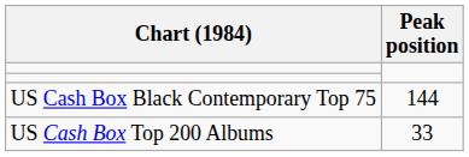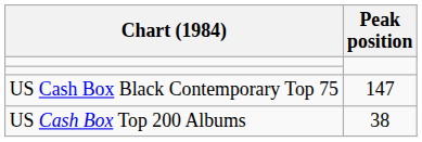 <table class="wikitable sortable plainrowheaders">
 <tr>
 <th align="center">Chart (1984)</th>
 <th align="center">Peak<br>position</th>
 </tr>
 <tr>
 <td></td>
 </tr>
 <tr>
 <td></td>
 </tr>
 <tr>
 <td align="left">US <a href='#'>Cash Box</a> Black Contemporary Top 75 </td>
-<td align="center">144</td>
+<td align="center">147</td>
 </tr>
 <tr>
 <td>US <em><a href='#'>Cash Box</a></em> Top 200 Albums</td>
-<td align="center">33</td>
+<td align="center">38</td>
 </tr>
 </table>
